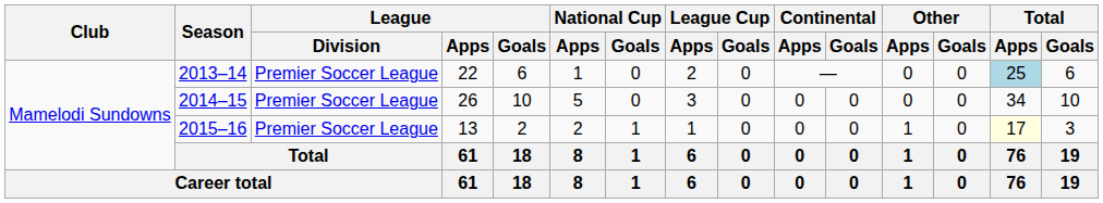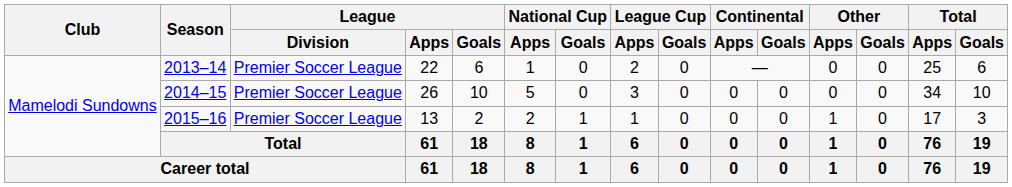 <table class="wikitable" style="text-align:center">
 <tr>
 <th rowspan="2">Club</th>
 <th rowspan="2">Season</th>
 <th colspan="3">League</th>
 <th colspan="2">National Cup</th>
 <th colspan="2">League Cup</th>
 <th colspan="2">Continental</th>
 <th colspan="2">Other</th>
 <th colspan="2">Total</th>
 </tr>
 <tr>
 <th>Division</th>
 <th>Apps</th>
 <th>Goals</th>
 <th>Apps</th>
 <th>Goals</th>
 <th>Apps</th>
 <th>Goals</th>
 <th>Apps</th>
 <th>Goals</th>
 <th>Apps</th>
 <th>Goals</th>
 <th>Apps</th>
 <th>Goals</th>
 </tr>
 <tr>
 <td rowspan="4"><a href='#'>Mamelodi Sundowns</a></td>
 <td><a href='#'>2013–14</a></td>
 <td><a href='#'>Premier Soccer League</a></td>
 <td>22</td>
 <td>6</td>
 <td>1</td>
 <td>0</td>
 <td>2</td>
 <td>0</td>
 <td colspan="2">—</td>
 <td>0</td>
 <td>0</td>
-<td style="background: lightblue;">25</td>
+<td>25</td>
 <td>6</td>
 </tr>
 <tr>
 <td><a href='#'>2014–15</a></td>
 <td><a href='#'>Premier Soccer League</a></td>
 <td>26</td>
 <td>10</td>
 <td>5</td>
 <td>0</td>
 <td>3</td>
 <td>0</td>
 <td>0</td>
 <td>0</td>
 <td>0</td>
 <td>0</td>
 <td>34</td>
 <td>10</td>
 </tr>
 <tr>
 <td><a href='#'>2015–16</a></td>
 <td><a href='#'>Premier Soccer League</a></td>
 <td>13</td>
 <td>2</td>
 <td>2</td>
 <td>1</td>
 <td>1</td>
 <td>0</td>
 <td>0</td>
 <td>0</td>
 <td>1</td>
 <td>0</td>
-<td style="background: lightyellow;">17</td>
+<td>17</td>
 <td>3</td>
 </tr>
 <tr>
 <th colspan="2">Total</th>
 <th>61</th>
 <th>18</th>
 <th>8</th>
 <th>1</th>
 <th>6</th>
 <th>0</th>
 <th>0</th>
 <th>0</th>
 <th>1</th>
 <th>0</th>
 <th>76</th>
 <th>19</th>
 </tr>
 <tr>
 <th colspan="3">Career total</th>
 <th>61</th>
 <th>18</th>
 <th>8</th>
 <th>1</th>
 <th>6</th>
 <th>0</th>
 <th>0</th>
 <th>0</th>
 <th>1</th>
 <th>0</th>
 <th>76</th>
 <th>19</th>
 </tr>
 </table>
